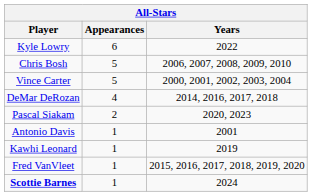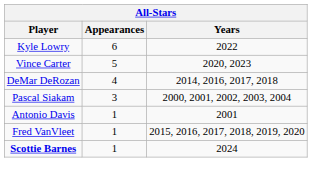 <table class="wikitable" style="text-align:center">
 <tr>
 <th colspan="3"><a href='#'>All-Stars</a></th>
 </tr>
 <tr>
 <th>Player</th>
 <th>Appearances</th>
 <th>Years</th>
 </tr>
 <tr>
 <td><a href='#'>Kyle Lowry</a></td>
 <td>6</td>
 <td>2022</td>
 </tr>
 <tr>
-<td><a href='#'>Chris Bosh</a></td>
-<td>5</td>
-<td>2006, 2007, 2008, 2009, 2010</td>
-</tr>
-<tr>
 <td><a href='#'>Vince Carter</a></td>
 <td>5</td>
-<td>2000, 2001, 2002, 2003, 2004</td>
+<td>2020, 2023</td>
 </tr>
 <tr>
 <td><a href='#'>DeMar DeRozan</a></td>
 <td>4</td>
 <td>2014, 2016, 2017, 2018</td>
 </tr>
 <tr>
 <td><a href='#'>Pascal Siakam</a></td>
-<td>2</td>
-<td>2020, 2023</td>
+<td>3</td>
+<td>2000, 2001, 2002, 2003, 2004</td>
 </tr>
 <tr>
 <td><a href='#'>Antonio Davis</a></td>
 <td>1</td>
 <td>2001</td>
-</tr>
-<tr>
-<td><a href='#'>Kawhi Leonard</a></td>
-<td>1</td>
-<td>2019</td>
 </tr>
 <tr>
 <td><a href='#'>Fred VanVleet</a></td>
 <td>1</td>
 <td>2015, 2016, 2017, 2018, 2019, 2020</td>
 </tr>
 <tr>
 <td><strong><a href='#'>Scottie Barnes</a></strong></td>
 <td>1</td>
 <td>2024</td>
 </tr>
 </table>
